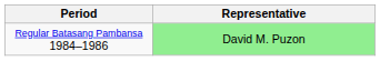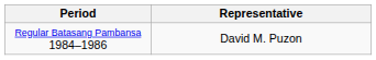 <table class="wikitable" style="text-align:center; width:40%;">
 <tr>
 <th width=40%>Period</th>
 <th>Representative</th>
 </tr>
 <tr>
 <td><small><a href='#'>Regular Batasang Pambansa</a></small><br>1984–1986</td>
-<td style="background: lightgreen;">David M. Puzon</td>
+<td>David M. Puzon</td>
 </tr>
 </table>
